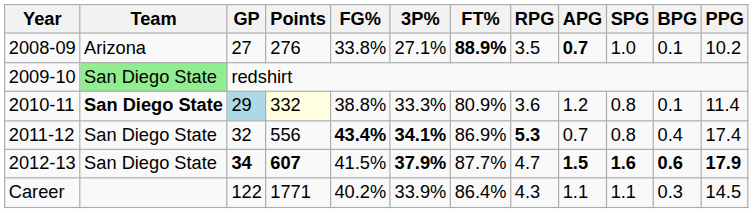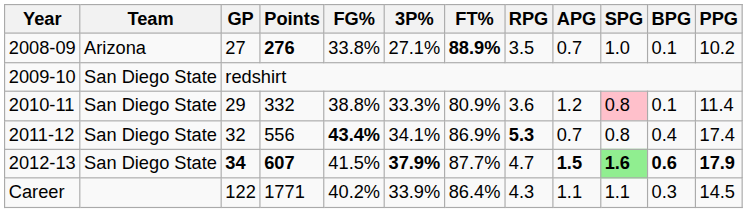 <table class="wikitable">
 <tr>
 <th><strong>Year</strong></th>
 <th><strong>Team</strong></th>
 <th><strong>GP</strong></th>
 <th><strong>Points</strong></th>
 <th><strong>FG%</strong></th>
 <th><strong>3P%</strong></th>
 <th><strong>FT%</strong></th>
 <th><strong>RPG</strong></th>
 <th><strong>APG</strong></th>
 <th><strong>SPG</strong></th>
 <th><strong>BPG</strong></th>
 <th><strong>PPG</strong></th>
 </tr>
 <tr>
 <td>2008-09</td>
 <td>Arizona</td>
 <td>27</td>
-<td>276</td>
+<td><strong>276</strong></td>
 <td>33.8%</td>
 <td>27.1%</td>
 <td><strong>88.9%</strong></td>
 <td>3.5</td>
-<td><strong>0.7</strong></td>
+<td>0.7</td>
 <td>1.0</td>
 <td>0.1</td>
 <td>10.2</td>
 </tr>
 <tr>
 <td>2009-10</td>
-<td style="background: lightgreen;">San Diego State</td>
+<td>San Diego State</td>
 <td colspan="10">redshirt</td>
 </tr>
 <tr>
 <td>2010-11</td>
-<td><strong>San Diego State</strong></td>
-<td style="background: lightblue;">29</td>
-<td style="background: lightyellow;">332</td>
+<td>San Diego State</td>
+<td>29</td>
+<td>332</td>
 <td>38.8%</td>
 <td>33.3%</td>
 <td>80.9%</td>
 <td>3.6</td>
 <td>1.2</td>
-<td>0.8</td>
+<td style="background: pink;">0.8</td>
 <td>0.1</td>
 <td>11.4</td>
 </tr>
 <tr>
 <td>2011-12</td>
 <td>San Diego State</td>
 <td>32</td>
 <td>556</td>
 <td><strong>43.4%</strong></td>
-<td><strong>34.1%</strong></td>
+<td>34.1%</td>
 <td>86.9%</td>
 <td><strong>5.3</strong></td>
 <td>0.7</td>
 <td>0.8</td>
 <td>0.4</td>
 <td>17.4</td>
 </tr>
 <tr>
 <td>2012-13</td>
 <td>San Diego State</td>
 <td><strong>34</strong></td>
 <td><strong>607</strong></td>
 <td>41.5%</td>
 <td><strong>37.9%</strong></td>
 <td>87.7%</td>
 <td>4.7</td>
 <td><strong>1.5</strong></td>
-<td><strong>1.6</strong></td>
+<td style="background: lightgreen;"><strong>1.6</strong></td>
 <td><strong>0.6</strong></td>
 <td><strong>17.9</strong></td>
 </tr>
 <tr>
 <td>Career</td>
 <td></td>
 <td>122</td>
 <td>1771</td>
 <td>40.2%</td>
 <td>33.9%</td>
 <td>86.4%</td>
 <td>4.3</td>
 <td>1.1</td>
 <td>1.1</td>
 <td>0.3</td>
 <td>14.5</td>
 </tr>
 </table>
